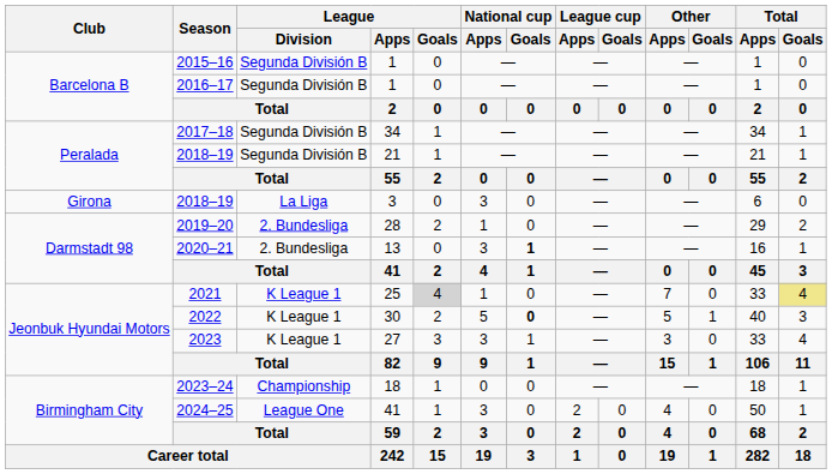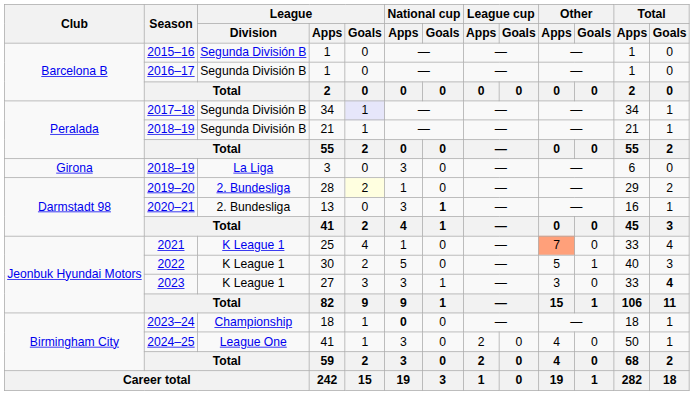 <table class="wikitable" style="text-align:center">
 <tr>
 <th rowspan="2">Club</th>
 <th rowspan="2">Season</th>
 <th colspan="3">League</th>
 <th colspan="2">National cup</th>
 <th colspan="2">League cup</th>
 <th colspan="2">Other</th>
 <th colspan="2">Total</th>
 </tr>
 <tr>
 <th>Division</th>
 <th>Apps</th>
 <th>Goals</th>
 <th>Apps</th>
 <th>Goals</th>
 <th>Apps</th>
 <th>Goals</th>
 <th>Apps</th>
 <th>Goals</th>
 <th>Apps</th>
 <th>Goals</th>
 </tr>
 <tr>
 <td rowspan="3"><a href='#'>Barcelona B</a></td>
 <td><a href='#'>2015–16</a></td>
 <td><a href='#'>Segunda División B</a></td>
 <td>1</td>
 <td>0</td>
 <td colspan="2">—</td>
 <td colspan="2">—</td>
 <td colspan="2">—</td>
 <td>1</td>
 <td>0</td>
 </tr>
 <tr>
 <td><a href='#'>2016–17</a></td>
 <td>Segunda División B</td>
 <td>1</td>
 <td>0</td>
 <td colspan="2">—</td>
 <td colspan="2">—</td>
 <td colspan="2">—</td>
 <td>1</td>
 <td>0</td>
 </tr>
 <tr>
 <th colspan="2">Total</th>
 <th>2</th>
 <th>0</th>
 <th>0</th>
 <th>0</th>
 <th>0</th>
 <th>0</th>
 <th>0</th>
 <th>0</th>
 <th>2</th>
 <th>0</th>
 </tr>
 <tr>
 <td rowspan="3"><a href='#'>Peralada</a></td>
 <td><a href='#'>2017–18</a></td>
 <td>Segunda División B</td>
 <td>34</td>
-<td>1</td>
+<td style="background: lavender;">1</td>
 <td colspan="2">—</td>
 <td colspan="2">—</td>
 <td colspan="2">—</td>
 <td>34</td>
 <td>1</td>
 </tr>
 <tr>
 <td><a href='#'>2018–19</a></td>
 <td>Segunda División B</td>
 <td>21</td>
 <td>1</td>
 <td colspan="2">—</td>
 <td colspan="2">—</td>
 <td colspan="2">—</td>
 <td>21</td>
 <td>1</td>
 </tr>
 <tr>
 <th colspan="2">Total</th>
 <th>55</th>
 <th>2</th>
 <th>0</th>
 <th>0</th>
 <th colspan="2">—</th>
 <th>0</th>
 <th>0</th>
 <th>55</th>
 <th>2</th>
 </tr>
 <tr>
 <td><a href='#'>Girona</a></td>
 <td><a href='#'>2018–19</a></td>
 <td><a href='#'>La Liga</a></td>
 <td>3</td>
 <td>0</td>
 <td>3</td>
 <td>0</td>
 <td colspan="2">—</td>
 <td colspan="2">—</td>
 <td>6</td>
 <td>0</td>
 </tr>
 <tr>
 <td rowspan="3"><a href='#'>Darmstadt 98</a></td>
 <td><a href='#'>2019–20</a></td>
 <td><a href='#'>2. Bundesliga</a></td>
 <td>28</td>
-<td>2</td>
+<td style="background: lightyellow;">2</td>
 <td>1</td>
 <td>0</td>
 <td colspan="2">—</td>
 <td colspan="2">—</td>
 <td>29</td>
 <td>2</td>
 </tr>
 <tr>
 <td><a href='#'>2020–21</a></td>
 <td>2. Bundesliga</td>
 <td>13</td>
 <td>0</td>
 <td>3</td>
 <td><strong>1</strong></td>
 <td colspan="2">—</td>
 <td colspan="2">—</td>
 <td>16</td>
 <td>1</td>
 </tr>
 <tr>
 <th colspan="2">Total</th>
 <th>41</th>
 <th>2</th>
 <th>4</th>
 <th>1</th>
 <th colspan="2">—</th>
 <th>0</th>
 <th>0</th>
 <th>45</th>
 <th>3</th>
 </tr>
 <tr>
 <td rowspan="4"><a href='#'>Jeonbuk Hyundai Motors</a></td>
 <td><a href='#'>2021</a></td>
 <td><a href='#'>K League 1</a></td>
 <td>25</td>
-<td style="background: lightgrey;">4</td>
+<td>4</td>
 <td>1</td>
 <td>0</td>
 <td colspan="2">—</td>
-<td>7</td>
+<td style="background: lightsalmon;">7</td>
 <td>0</td>
 <td>33</td>
-<td style="background: khaki;">4</td>
+<td>4</td>
 </tr>
 <tr>
 <td><a href='#'>2022</a></td>
 <td>K League 1</td>
 <td>30</td>
 <td>2</td>
 <td>5</td>
-<td><strong>0</strong></td>
+<td>0</td>
 <td colspan="2">—</td>
 <td>5</td>
 <td>1</td>
 <td>40</td>
 <td>3</td>
 </tr>
 <tr>
 <td><a href='#'>2023</a></td>
 <td>K League 1</td>
 <td>27</td>
 <td>3</td>
 <td>3</td>
 <td>1</td>
 <td colspan="2">—</td>
 <td>3</td>
 <td>0</td>
 <td>33</td>
-<td>4</td>
+<td><strong>4</strong></td>
 </tr>
 <tr>
 <th colspan="2">Total</th>
 <th>82</th>
 <th>9</th>
 <th>9</th>
 <th>1</th>
 <th colspan="2">—</th>
 <th>15</th>
 <th>1</th>
 <th>106</th>
 <th>11</th>
 </tr>
 <tr>
 <td rowspan="3"><a href='#'>Birmingham City</a></td>
 <td><a href='#'>2023–24</a></td>
 <td><a href='#'>Championship</a></td>
 <td>18</td>
 <td>1</td>
-<td>0</td>
+<td><strong>0</strong></td>
 <td>0</td>
 <td colspan="2">—</td>
 <td colspan="2">—</td>
 <td>18</td>
 <td>1</td>
 </tr>
 <tr>
 <td><a href='#'>2024–25</a></td>
 <td><a href='#'>League One</a></td>
 <td>41</td>
 <td>1</td>
 <td>3</td>
 <td>0</td>
 <td>2</td>
 <td>0</td>
 <td>4</td>
 <td>0</td>
 <td>50</td>
 <td>1</td>
 </tr>
 <tr>
 <th colspan="2">Total</th>
 <th>59</th>
 <th>2</th>
 <th>3</th>
 <th>0</th>
 <th>2</th>
 <th>0</th>
 <th>4</th>
 <th>0</th>
 <th>68</th>
 <th>2</th>
 </tr>
 <tr>
 <th colspan="3">Career total</th>
 <th>242</th>
 <th>15</th>
 <th>19</th>
 <th>3</th>
 <th>1</th>
 <th>0</th>
 <th>19</th>
 <th>1</th>
 <th>282</th>
 <th>18</th>
 </tr>
 </table>
